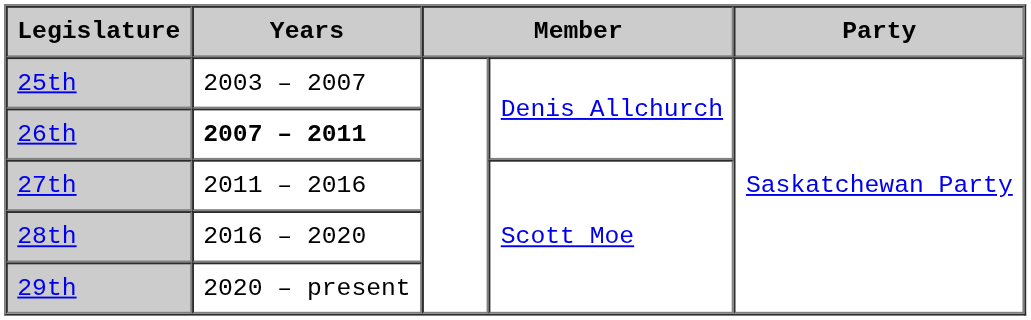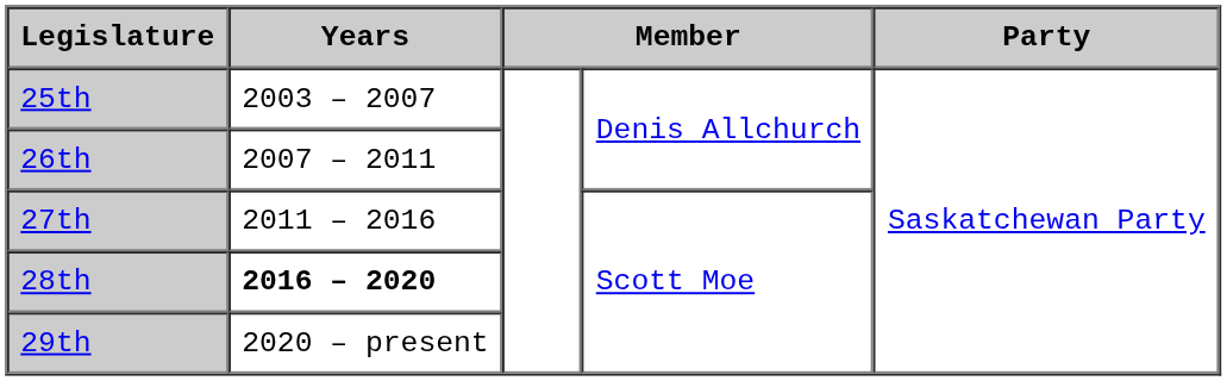 <table border=1 cellpadding=5 cellspacing=0>
 <tr bgcolor="CCCCCC">
 <th>Legislature</th>
 <th>Years</th>
 <th colspan="2">Member</th>
 <th>Party</th>
 </tr>
 <tr>
 <td bgcolor="CCCCCC"><a href='#'>25th</a></td>
 <td>2003 – 2007</td>
 <td rowspan="5" >   </td>
 <td rowspan="2"><a href='#'>Denis Allchurch</a></td>
 <td rowspan="5"><a href='#'>Saskatchewan Party</a></td>
 </tr>
 <tr>
 <td bgcolor="CCCCCC"><a href='#'>26th</a></td>
-<td><strong>2007 – 2011</strong></td>
+<td>2007 – 2011</td>
 </tr>
 <tr>
 <td bgcolor="CCCCCC"><a href='#'>27th</a></td>
 <td>2011 – 2016</td>
 <td rowspan="3"><a href='#'>Scott Moe</a></td>
 </tr>
 <tr>
 <td bgcolor="CCCCCC"><a href='#'>28th</a></td>
-<td>2016 – 2020</td>
+<td><strong>2016 – 2020</strong></td>
 </tr>
 <tr>
 <td bgcolor="CCCCCC"><a href='#'>29th</a></td>
 <td>2020 – present</td>
 </tr>
 <tr>
 </tr>
 </table>
